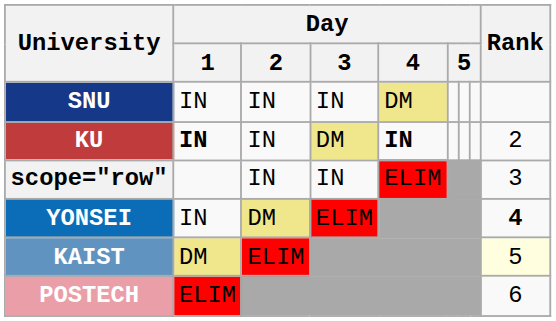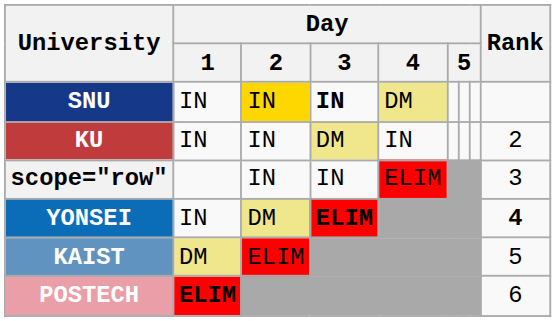 <table class="wikitable">
 <tr>
 <th scope="col" rowspan="2">University</th>
 <th scope="col" colspan="7">Day</th>
 <th scope="col" rowspan="2">Rank</th>
 </tr>
 <tr>
 <th scope="col">1</th>
 <th scope="col">2</th>
 <th scope="col">3</th>
 <th scope="col">4</th>
 <th scope="col" colspan="3">5</th>
 </tr>
 <tr>
 <th scope="row" style="background-color:#153888; color:white">SNU</th>
 <td>IN </td>
-<td>IN</td>
-<td>IN </td>
+<td style="background: gold;">IN</td>
+<td><strong>IN </strong></td>
 <td style="background-color:khaki">DM </td>
 <td></td>
 <td></td>
 <td></td>
 <td></td>
 </tr>
 <tr>
 <th scope="row" style="background-color:#BF3B3C; color:white">KU</th>
-<td><strong>IN</strong></td>
+<td>IN</td>
 <td>IN</td>
 <td style="background-color:khaki">DM</td>
-<td><strong>IN </strong></td>
+<td>IN </td>
 <td></td>
 <td></td>
 <td></td>
 <td style="text-align:center">2</td>
 </tr>
 <tr>
 <th>scope="row"  </th>
 <td></td>
 <td>IN </td>
 <td>IN</td>
 <td style="background-color:red">ELIM </td>
 <td colspan="3" style="background-color:darkgrey"></td>
 <td style="text-align:center">3</td>
 </tr>
 <tr>
 <th scope="row" style="background-color:#0B6DB7; color:white">YONSEI</th>
 <td>IN </td>
 <td style="background-color:khaki">DM </td>
-<td style="background-color:red">ELIM </td>
+<td style="background-color:red"><strong>ELIM </strong></td>
 <td colspan="4" style="background-color:darkgrey"></td>
 <td style="text-align:center"><strong>4</strong></td>
 </tr>
 <tr>
 <th scope="row" style="background-color:#6093BF; color:white">KAIST</th>
 <td style="background-color:khaki">DM</td>
 <td style="background-color:red">ELIM</td>
 <td colspan="5" style="background-color:darkgrey"></td>
-<td style="background: lightyellow; text-align:center">5</td>
+<td style="text-align:center">5</td>
 </tr>
 <tr>
 <th scope="row" style="background-color:#E99EA8; color:white">POSTECH</th>
-<td style="background-color:red">ELIM</td>
+<td style="background-color:red"><strong>ELIM</strong></td>
 <td colspan="6" style="background-color:darkgrey"></td>
 <td style="text-align:center">6</td>
 </tr>
 </table>
